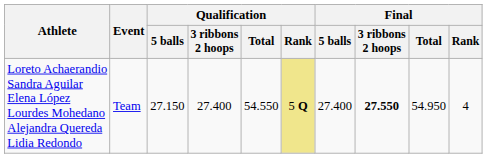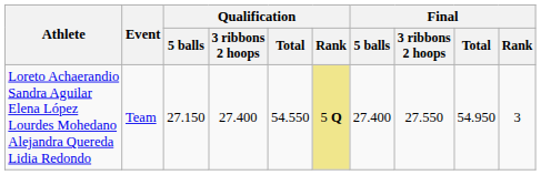 <table class="wikitable" style="font-size:90%">
 <tr>
 <th rowspan="2">Athlete</th>
 <th rowspan="2">Event</th>
 <th colspan="4">Qualification</th>
 <th colspan="4">Final</th>
 </tr>
 <tr style="font-size:95%">
 <th>5 balls</th>
 <th>3 ribbons<br>2 hoops</th>
 <th>Total</th>
 <th>Rank</th>
 <th>5 balls</th>
 <th>3 ribbons<br>2 hoops</th>
 <th>Total</th>
 <th>Rank</th>
 </tr>
 <tr align=center>
 <td align=left><a href='#'>Loreto Achaerandio</a><br><a href='#'>Sandra Aguilar</a><br><a href='#'>Elena López</a><br><a href='#'>Lourdes Mohedano</a><br><a href='#'>Alejandra Quereda</a><br><a href='#'>Lidia Redondo</a></td>
 <td align=left><a href='#'>Team</a></td>
 <td>27.150</td>
 <td>27.400</td>
 <td>54.550</td>
 <td style="background: khaki;">5 <strong>Q</strong></td>
 <td>27.400</td>
-<td><strong>27.550</strong></td>
+<td>27.550</td>
 <td>54.950</td>
-<td>4</td>
+<td>3</td>
 </tr>
 </table>
